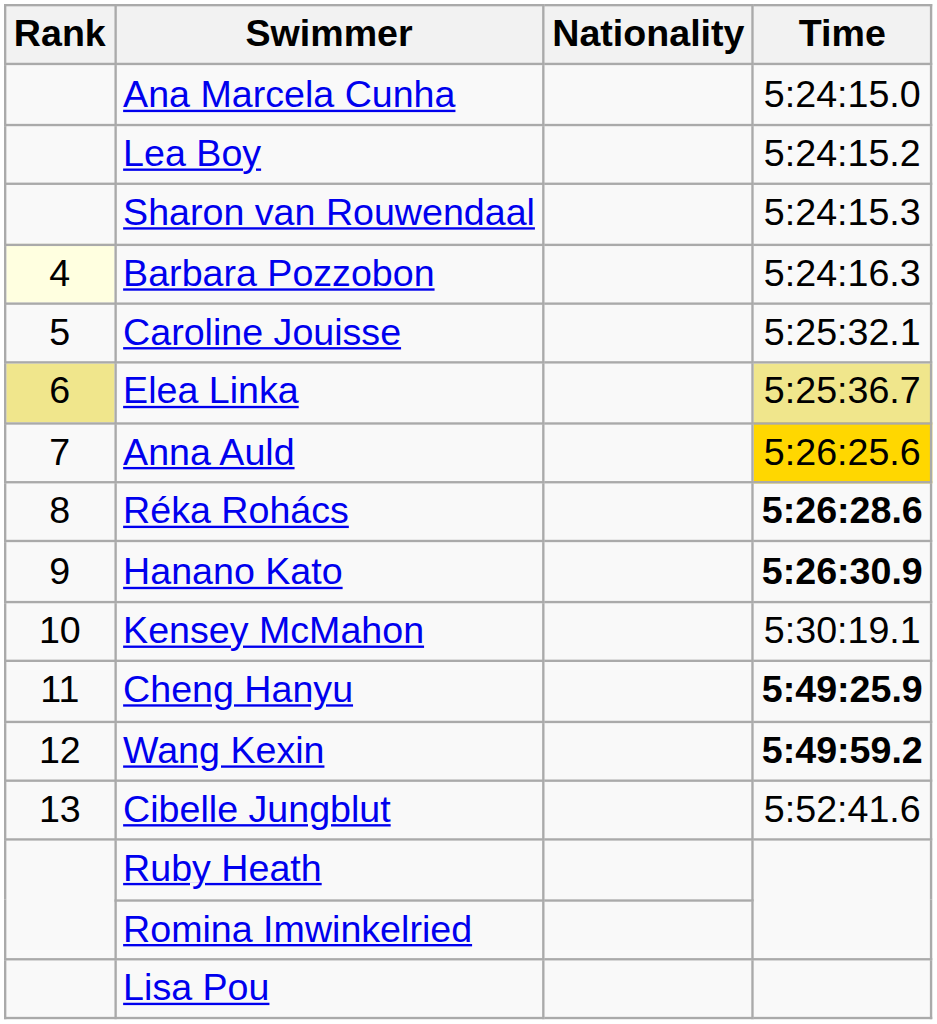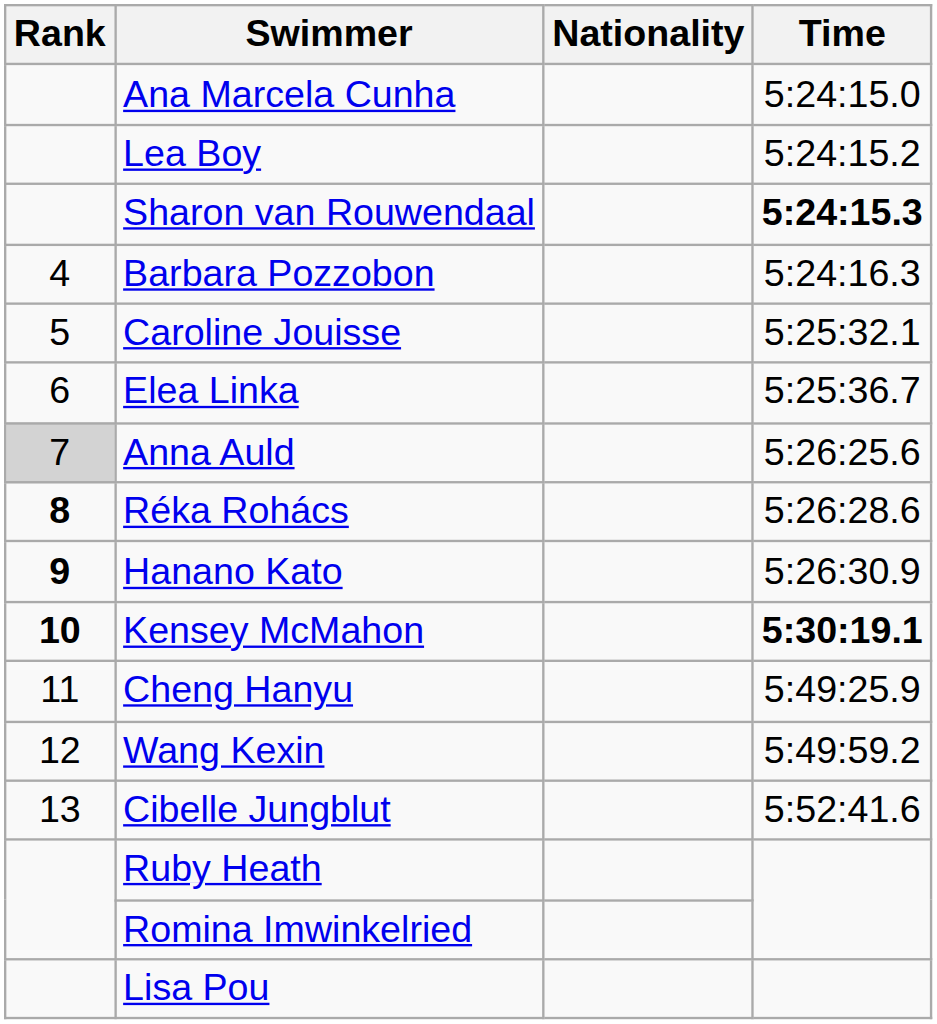 <table class="wikitable sortable" style="text-align:center">
 <tr>
 <th>Rank</th>
 <th>Swimmer</th>
 <th>Nationality</th>
 <th>Time</th>
 </tr>
 <tr>
 <td></td>
 <td align=left><a href='#'>Ana Marcela Cunha</a></td>
 <td align=left></td>
 <td>5:24:15.0</td>
 </tr>
 <tr>
 <td></td>
 <td align=left><a href='#'>Lea Boy</a></td>
 <td align=left></td>
 <td>5:24:15.2</td>
 </tr>
 <tr>
 <td></td>
 <td align=left><a href='#'>Sharon van Rouwendaal</a></td>
 <td align=left></td>
-<td>5:24:15.3</td>
+<td><strong>5:24:15.3</strong></td>
 </tr>
 <tr>
-<td style="background: lightyellow;">4</td>
+<td>4</td>
 <td align=left><a href='#'>Barbara Pozzobon</a></td>
 <td align=left></td>
 <td>5:24:16.3</td>
 </tr>
 <tr>
 <td>5</td>
 <td align=left><a href='#'>Caroline Jouisse</a></td>
 <td align=left></td>
 <td>5:25:32.1</td>
 </tr>
 <tr>
-<td style="background: khaki;">6</td>
+<td>6</td>
 <td align=left><a href='#'>Elea Linka</a></td>
 <td align=left></td>
-<td style="background: khaki;">5:25:36.7</td>
+<td>5:25:36.7</td>
 </tr>
 <tr>
-<td>7</td>
+<td style="background: lightgrey;">7</td>
 <td align=left><a href='#'>Anna Auld</a></td>
 <td align=left></td>
-<td style="background: gold;">5:26:25.6</td>
+<td>5:26:25.6</td>
 </tr>
 <tr>
-<td>8</td>
+<td><strong>8</strong></td>
 <td align=left><a href='#'>Réka Rohács</a></td>
 <td align=left></td>
-<td><strong>5:26:28.6</strong></td>
+<td>5:26:28.6</td>
 </tr>
 <tr>
-<td>9</td>
+<td><strong>9</strong></td>
 <td align=left><a href='#'>Hanano Kato</a></td>
 <td align=left></td>
-<td><strong>5:26:30.9</strong></td>
+<td>5:26:30.9</td>
 </tr>
 <tr>
-<td>10</td>
+<td><strong>10</strong></td>
 <td align=left><a href='#'>Kensey McMahon</a></td>
 <td align=left></td>
-<td>5:30:19.1</td>
+<td><strong>5:30:19.1</strong></td>
 </tr>
 <tr>
 <td>11</td>
 <td align=left><a href='#'>Cheng Hanyu</a></td>
 <td align=left></td>
-<td><strong>5:49:25.9</strong></td>
+<td>5:49:25.9</td>
 </tr>
 <tr>
 <td>12</td>
 <td align=left><a href='#'>Wang Kexin</a></td>
 <td align=left></td>
-<td><strong>5:49:59.2</strong></td>
+<td>5:49:59.2</td>
 </tr>
 <tr>
 <td>13</td>
 <td align=left><a href='#'>Cibelle Jungblut</a></td>
 <td align=left></td>
 <td>5:52:41.6</td>
 </tr>
 <tr>
 <td rowspan=2></td>
 <td align=left><a href='#'>Ruby Heath</a></td>
 <td align=left></td>
 <td rowspan=2></td>
 </tr>
 <tr>
 <td align=left><a href='#'>Romina Imwinkelried</a></td>
 <td align=left></td>
 </tr>
 <tr>
 <td></td>
 <td align=left><a href='#'>Lisa Pou</a></td>
 <td align=left></td>
 <td></td>
 </tr>
 </table>
